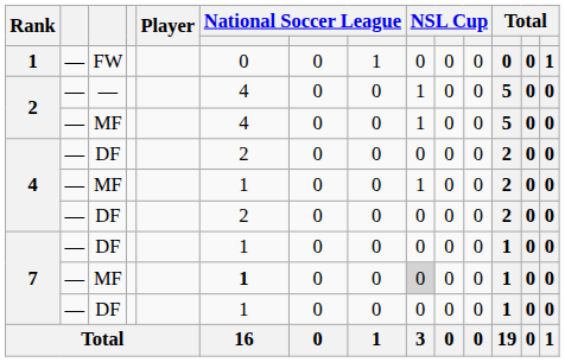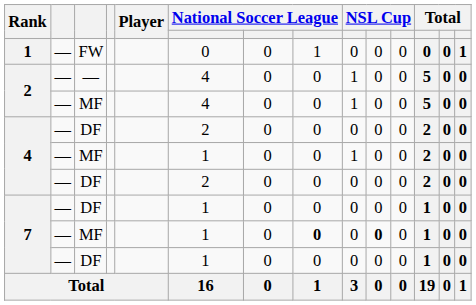 <table class="wikitable sortable" style="text-align:center">
 <tr>
 <th rowspan="2">Rank</th>
 <th rowspan="2"></th>
 <th rowspan="2"></th>
 <th rowspan="2"></th>
 <th rowspan="2">Player</th>
 <th colspan="3"><a href='#'>National Soccer League</a></th>
 <th colspan="3"><a href='#'>NSL Cup</a></th>
 <th colspan="3">Total</th>
 </tr>
 <tr>
 <th></th>
 <th></th>
 <th></th>
 <th></th>
 <th></th>
 <th></th>
 <th></th>
 <th></th>
 <th></th>
 </tr>
 <tr>
 <th>1</th>
 <td>—</td>
 <td>FW</td>
 <td></td>
 <td align="left"><br></td>
 <td>0</td>
 <td>0</td>
 <td>1<br></td>
 <td>0</td>
 <td>0</td>
 <td>0<br></td>
 <th>0</th>
 <th>0</th>
 <th>1</th>
 </tr>
 <tr>
 <th rowspan="2">2</th>
 <td>—</td>
 <td>—</td>
 <td></td>
 <td align="left"><br></td>
 <td>4</td>
 <td>0</td>
 <td>0<br></td>
 <td>1</td>
 <td>0</td>
 <td>0<br></td>
 <th>5</th>
 <th>0</th>
 <th>0</th>
 </tr>
 <tr>
 <td>—</td>
 <td>MF</td>
 <td></td>
 <td align="left"><br></td>
 <td>4</td>
 <td>0</td>
 <td>0<br></td>
 <td>1</td>
 <td>0</td>
 <td>0<br></td>
 <th>5</th>
 <th>0</th>
 <th>0</th>
 </tr>
 <tr>
 <th rowspan="3">4</th>
 <td>—</td>
 <td>DF</td>
 <td></td>
 <td align="left"><br></td>
 <td>2</td>
 <td>0</td>
 <td>0<br></td>
 <td>0</td>
 <td>0</td>
 <td>0<br></td>
 <th>2</th>
 <th>0</th>
 <th>0</th>
 </tr>
 <tr>
 <td>—</td>
 <td>MF</td>
 <td></td>
 <td align="left"><br></td>
 <td>1</td>
 <td>0</td>
 <td>0<br></td>
 <td>1</td>
 <td>0</td>
 <td>0<br></td>
 <th>2</th>
 <th>0</th>
 <th>0</th>
 </tr>
 <tr>
 <td>—</td>
 <td>DF</td>
 <td></td>
 <td align="left"><br></td>
 <td>2</td>
 <td>0</td>
 <td>0<br></td>
 <td>0</td>
 <td>0</td>
 <td>0<br></td>
 <th>2</th>
 <th>0</th>
 <th>0</th>
 </tr>
 <tr>
 <th rowspan="3">7</th>
 <td>—</td>
 <td>DF</td>
 <td></td>
 <td align="left"><br></td>
 <td>1</td>
 <td>0</td>
 <td>0<br></td>
 <td>0</td>
 <td>0</td>
 <td>0<br></td>
 <th>1</th>
 <th>0</th>
 <th>0</th>
 </tr>
 <tr>
 <td>—</td>
 <td>MF</td>
 <td></td>
 <td align="left"><br></td>
-<td><strong>1</strong></td>
+<td>1</td>
 <td>0</td>
-<td>0<br></td>
-<td style="background: lightgrey;">0</td>
+<td><strong>0<br></strong></td>
 <td>0</td>
+<td><strong>0</strong></td>
 <td>0<br></td>
 <th>1</th>
 <th>0</th>
 <th>0</th>
 </tr>
 <tr>
 <td>—</td>
 <td>DF</td>
 <td></td>
 <td align="left"><br></td>
 <td>1</td>
 <td>0</td>
 <td>0<br></td>
 <td>0</td>
 <td>0</td>
 <td>0<br></td>
 <th>1</th>
 <th>0</th>
 <th>0</th>
 </tr>
 <tr>
 <th colspan="5">Total<br></th>
 <th>16</th>
 <th>0</th>
 <th>1<br></th>
 <th>3</th>
 <th>0</th>
 <th>0<br></th>
 <th>19</th>
 <th>0</th>
 <th>1</th>
 </tr>
 </table>
